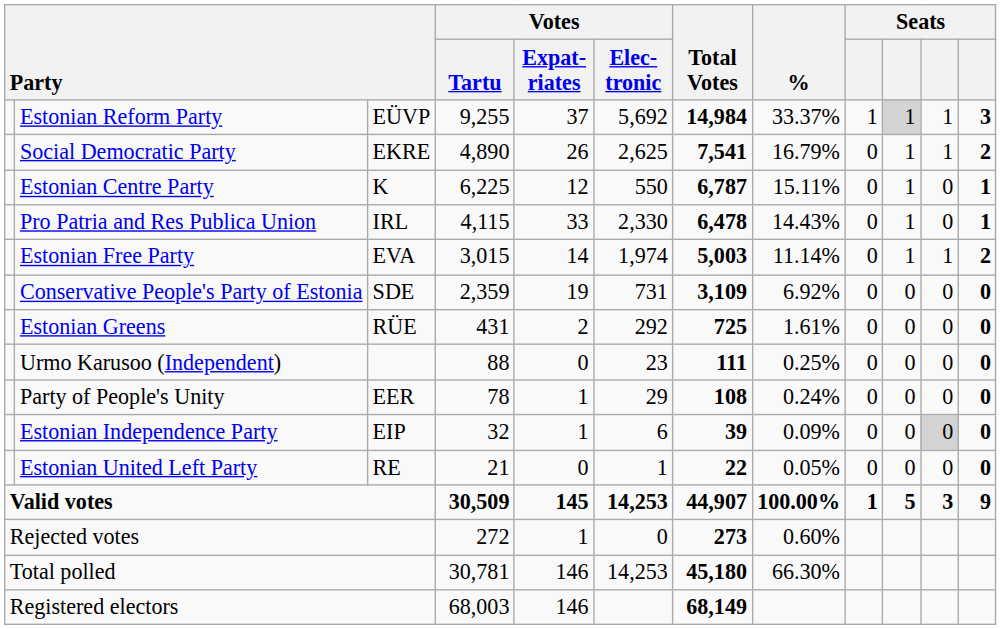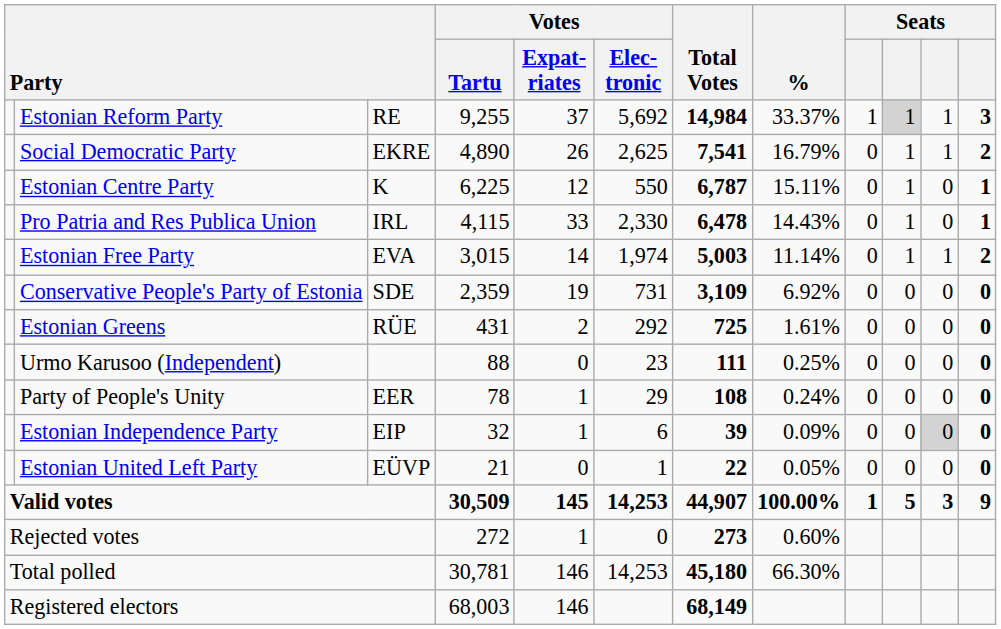 <table class="wikitable" border="1" style="text-align:right;">
 <tr>
 <th style="text-align:left;" valign=bottom rowspan=2 colspan=3>Party</th>
 <th colspan=3>Votes</th>
 <th align=center valign=bottom rowspan=2 width="50">Total Votes</th>
 <th align=center valign=bottom rowspan=2 width="50">%</th>
 <th colspan=4>Seats</th>
 </tr>
 <tr>
 <th align=center valign=bottom width="50"><a href='#'>Tartu</a></th>
 <th align=center valign=bottom width="50"><a href='#'>Expat- riates</a></th>
 <th align=center valign=bottom width="50"><a href='#'>Elec- tronic</a></th>
 <th align=center valign=bottom width="20"><small></small></th>
 <th align=center valign=bottom width="20"><small></small></th>
 <th align=center valign=bottom width="20"><small></small></th>
 <th align=center valign=bottom width="20"><small></small></th>
 </tr>
 <tr>
 <td style="background:"></td>
 <td align=left><a href='#'>Estonian Reform Party</a></td>
-<td align=left>EÜVP</td>
+<td align=left>RE</td>
 <td>9,255</td>
 <td>37</td>
 <td>5,692</td>
 <td><strong>14,984</strong></td>
 <td>33.37%</td>
 <td>1</td>
 <td style="background: lightgrey;">1</td>
 <td>1</td>
 <td><strong>3</strong></td>
 </tr>
 <tr>
 <td style="background:"></td>
 <td align=left><a href='#'>Social Democratic Party</a></td>
 <td align=left>EKRE</td>
 <td>4,890</td>
 <td>26</td>
 <td>2,625</td>
 <td><strong>7,541</strong></td>
 <td>16.79%</td>
 <td>0</td>
 <td>1</td>
 <td>1</td>
 <td><strong>2</strong></td>
 </tr>
 <tr>
 <td style="background:"></td>
 <td align=left><a href='#'>Estonian Centre Party</a></td>
 <td align=left>K</td>
 <td>6,225</td>
 <td>12</td>
 <td>550</td>
 <td><strong>6,787</strong></td>
 <td>15.11%</td>
 <td>0</td>
 <td>1</td>
 <td>0</td>
 <td><strong>1</strong></td>
 </tr>
 <tr>
 <td style="background:"></td>
 <td align=left><a href='#'>Pro Patria and Res Publica Union</a></td>
 <td align=left>IRL</td>
 <td>4,115</td>
 <td>33</td>
 <td>2,330</td>
 <td><strong>6,478</strong></td>
 <td>14.43%</td>
 <td>0</td>
 <td>1</td>
 <td>0</td>
 <td><strong>1</strong></td>
 </tr>
 <tr>
 <td style="background:"></td>
 <td align=left><a href='#'>Estonian Free Party</a></td>
 <td align=left>EVA</td>
 <td>3,015</td>
 <td>14</td>
 <td>1,974</td>
 <td><strong>5,003</strong></td>
 <td>11.14%</td>
 <td>0</td>
 <td>1</td>
 <td>1</td>
 <td><strong>2</strong></td>
 </tr>
 <tr>
 <td style="background:"></td>
 <td align=left><a href='#'>Conservative People's Party of Estonia</a></td>
 <td align=left>SDE</td>
 <td>2,359</td>
 <td>19</td>
 <td>731</td>
 <td><strong>3,109</strong></td>
 <td>6.92%</td>
 <td>0</td>
 <td>0</td>
 <td>0</td>
 <td><strong>0</strong></td>
 </tr>
 <tr>
 <td style="background:"></td>
 <td align=left><a href='#'>Estonian Greens</a></td>
 <td align=left>RÜE</td>
 <td>431</td>
 <td>2</td>
 <td>292</td>
 <td><strong>725</strong></td>
 <td>1.61%</td>
 <td>0</td>
 <td>0</td>
 <td>0</td>
 <td><strong>0</strong></td>
 </tr>
 <tr>
 <td style="background:"></td>
 <td align=left>Urmo Karusoo (<a href='#'>Independent</a>)</td>
 <td></td>
 <td>88</td>
 <td>0</td>
 <td>23</td>
 <td><strong>111</strong></td>
 <td>0.25%</td>
 <td>0</td>
 <td>0</td>
 <td>0</td>
 <td><strong>0</strong></td>
 </tr>
 <tr>
 <td></td>
 <td align=left>Party of People's Unity</td>
 <td align=left>EER</td>
 <td>78</td>
 <td>1</td>
 <td>29</td>
 <td><strong>108</strong></td>
 <td>0.24%</td>
 <td>0</td>
 <td>0</td>
 <td>0</td>
 <td><strong>0</strong></td>
 </tr>
 <tr>
 <td style="background:"></td>
 <td align=left><a href='#'>Estonian Independence Party</a></td>
 <td align=left>EIP</td>
 <td>32</td>
 <td>1</td>
 <td>6</td>
 <td><strong>39</strong></td>
 <td>0.09%</td>
 <td>0</td>
 <td>0</td>
 <td style="background: lightgrey;">0</td>
 <td><strong>0</strong></td>
 </tr>
 <tr>
 <td style="background:"></td>
 <td align=left><a href='#'>Estonian United Left Party</a></td>
-<td align=left>RE</td>
+<td align=left>EÜVP</td>
 <td>21</td>
 <td>0</td>
 <td>1</td>
 <td><strong>22</strong></td>
 <td>0.05%</td>
 <td>0</td>
 <td>0</td>
 <td>0</td>
 <td><strong>0</strong></td>
 </tr>
 <tr style="font-weight:bold">
 <td align=left colspan=3>Valid votes</td>
 <td>30,509</td>
 <td>145</td>
 <td>14,253</td>
 <td>44,907</td>
 <td>100.00%</td>
 <td>1</td>
 <td>5</td>
 <td>3</td>
 <td>9</td>
 </tr>
 <tr>
 <td align=left colspan=3>Rejected votes</td>
 <td>272</td>
 <td>1</td>
 <td>0</td>
 <td><strong>273</strong></td>
 <td>0.60%</td>
 <td></td>
 <td></td>
 <td></td>
 <td></td>
 </tr>
 <tr>
 <td align=left colspan=3>Total polled</td>
 <td>30,781</td>
 <td>146</td>
 <td>14,253</td>
 <td><strong>45,180</strong></td>
 <td>66.30%</td>
 <td></td>
 <td></td>
 <td></td>
 <td></td>
 </tr>
 <tr>
 <td align=left colspan=3>Registered electors</td>
 <td>68,003</td>
 <td>146</td>
 <td></td>
 <td><strong>68,149</strong></td>
 <td></td>
 <td></td>
 <td></td>
 <td></td>
 <td></td>
 </tr>
 </table>
